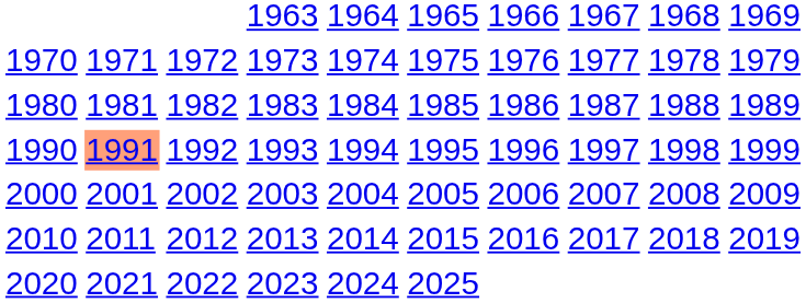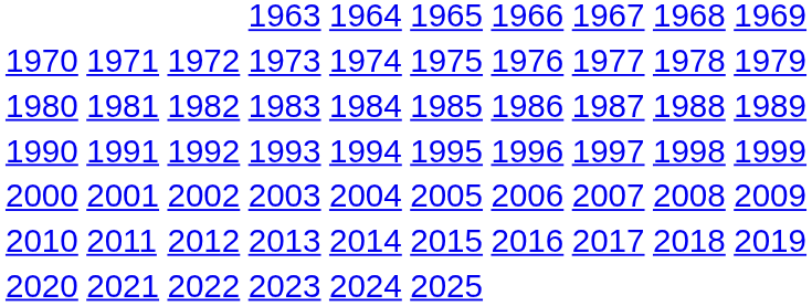 <table>
 <tr>
 <td></td>
 <td></td>
 <td></td>
 <td></td>
 <td><a href='#'>1963</a></td>
 <td><a href='#'>1964</a></td>
 <td><a href='#'>1965</a></td>
 <td><a href='#'>1966</a></td>
 <td><a href='#'>1967</a></td>
 <td><a href='#'>1968</a></td>
 <td><a href='#'>1969</a></td>
 </tr>
 <tr>
 <td></td>
 <td><a href='#'>1970</a></td>
 <td><a href='#'>1971</a></td>
 <td><a href='#'>1972</a></td>
 <td><a href='#'>1973</a></td>
 <td><a href='#'>1974</a></td>
 <td><a href='#'>1975</a></td>
 <td><a href='#'>1976</a></td>
 <td><a href='#'>1977</a></td>
 <td><a href='#'>1978</a></td>
 <td><a href='#'>1979</a></td>
 </tr>
 <tr>
 <td></td>
 <td><a href='#'>1980</a></td>
 <td><a href='#'>1981</a></td>
 <td><a href='#'>1982</a></td>
 <td><a href='#'>1983</a></td>
 <td><a href='#'>1984</a></td>
 <td><a href='#'>1985</a></td>
 <td><a href='#'>1986</a></td>
 <td><a href='#'>1987</a></td>
 <td><a href='#'>1988</a></td>
 <td><a href='#'>1989</a></td>
 </tr>
 <tr>
 <td></td>
 <td><a href='#'>1990</a></td>
-<td style="background: lightsalmon;"><a href='#'>1991</a></td>
+<td><a href='#'>1991</a></td>
 <td><a href='#'>1992</a></td>
 <td><a href='#'>1993</a></td>
 <td><a href='#'>1994</a></td>
 <td><a href='#'>1995</a></td>
 <td><a href='#'>1996</a></td>
 <td><a href='#'>1997</a></td>
 <td><a href='#'>1998</a></td>
 <td><a href='#'>1999</a></td>
 </tr>
 <tr>
 <td></td>
 <td><a href='#'>2000</a></td>
 <td><a href='#'>2001</a></td>
 <td><a href='#'>2002</a></td>
 <td><a href='#'>2003</a></td>
 <td><a href='#'>2004</a></td>
 <td><a href='#'>2005</a></td>
 <td><a href='#'>2006</a></td>
 <td><a href='#'>2007</a></td>
 <td><a href='#'>2008</a></td>
 <td><a href='#'>2009</a></td>
 </tr>
 <tr>
 <td></td>
 <td><a href='#'>2010</a></td>
 <td><a href='#'>2011</a></td>
 <td><a href='#'>2012</a></td>
 <td><a href='#'>2013</a></td>
 <td><a href='#'>2014</a></td>
 <td><a href='#'>2015</a></td>
 <td><a href='#'>2016</a></td>
 <td><a href='#'>2017</a></td>
 <td><a href='#'>2018</a></td>
 <td><a href='#'>2019</a></td>
 </tr>
 <tr>
 <td></td>
 <td><a href='#'>2020</a></td>
 <td><a href='#'>2021</a></td>
 <td><a href='#'>2022</a></td>
 <td><a href='#'>2023</a></td>
 <td><a href='#'>2024</a></td>
 <td><a href='#'>2025</a></td>
 </tr>
 </table>
